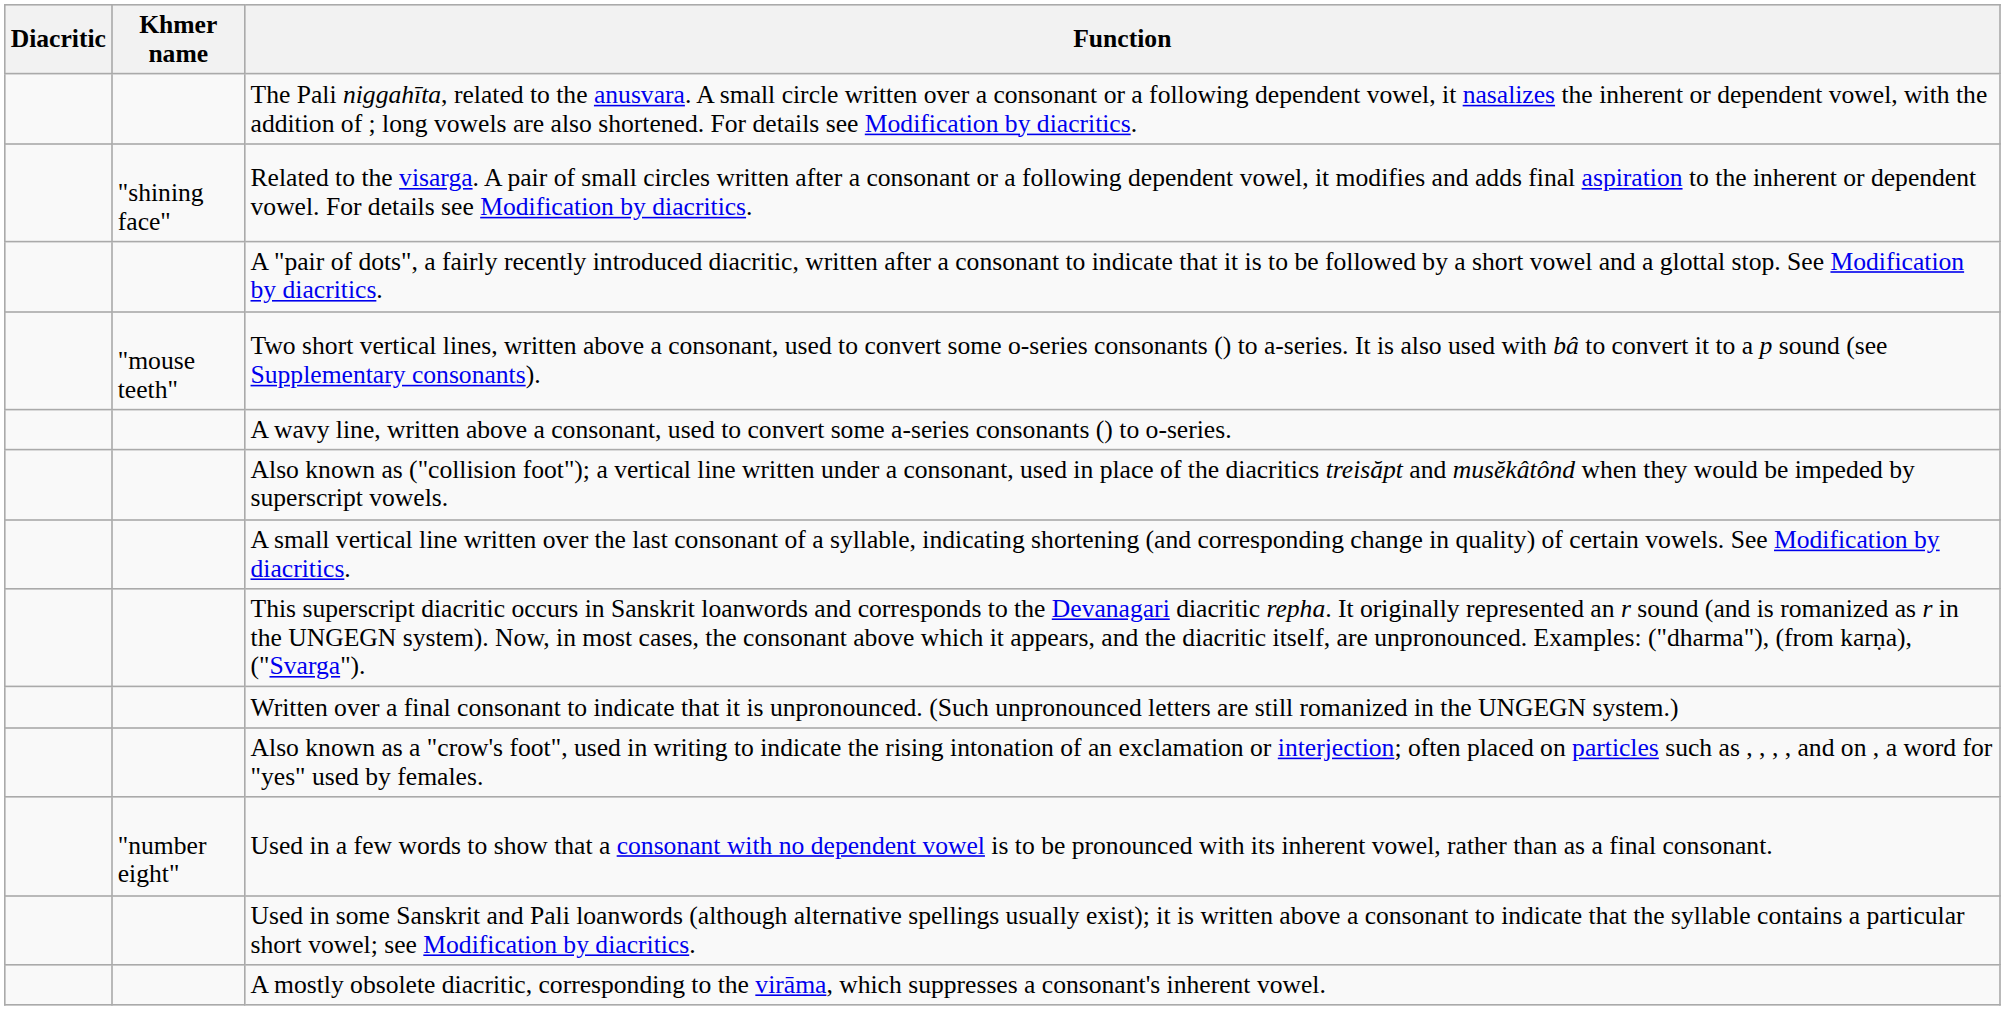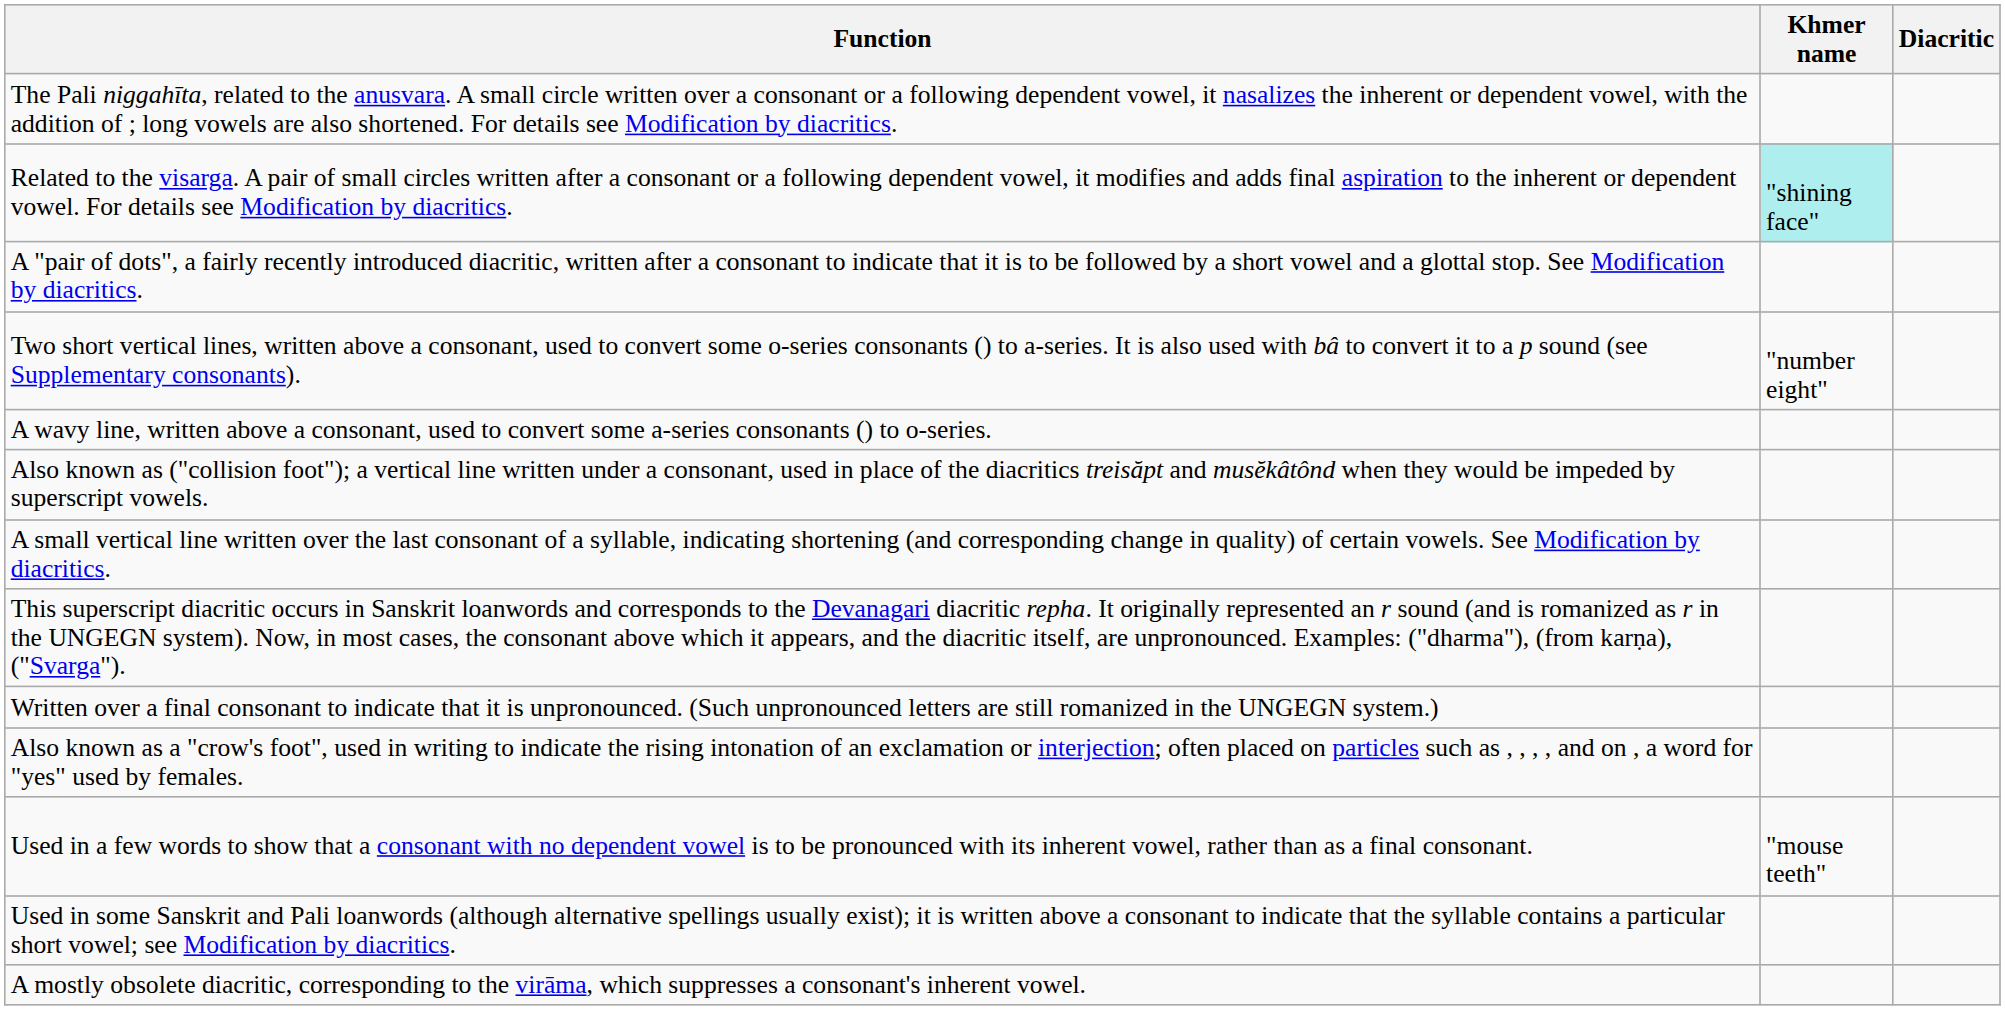 <table class="wikitable">
 <tr>
+<th>Function</th>
+<th>Khmer name</th>
 <th>Diacritic</th>
-<th>Khmer name</th>
-<th>Function</th>
 </tr>
 <tr>
+<td>The Pali <em>niggahīta</em>, related to the <a href='#'>anusvara</a>. A small circle written over a consonant or a following dependent vowel, it <a href='#'>nasalizes</a> the inherent or dependent vowel, with the addition of ; long vowels are also shortened. For details see <a href='#'>Modification by diacritics</a>.</td>
+<td> <em></em></td>
 <td><big></big></td>
-<td> <em></em></td>
-<td>The Pali <em>niggahīta</em>, related to the <a href='#'>anusvara</a>. A small circle written over a consonant or a following dependent vowel, it <a href='#'>nasalizes</a> the inherent or dependent vowel, with the addition of ; long vowels are also shortened. For details see <a href='#'>Modification by diacritics</a>.</td>
 </tr>
 <tr>
+<td>Related to the <a href='#'>visarga</a>. A pair of small circles written after a consonant or a following dependent vowel, it modifies and adds final <a href='#'>aspiration</a>  to the inherent or dependent vowel. For details see <a href='#'>Modification by diacritics</a>.</td>
+<td style="background: paleturquoise;"> <em></em><br>"shining face"</td>
 <td><big></big></td>
-<td> <em></em><br>"shining face"</td>
-<td>Related to the <a href='#'>visarga</a>. A pair of small circles written after a consonant or a following dependent vowel, it modifies and adds final <a href='#'>aspiration</a>  to the inherent or dependent vowel. For details see <a href='#'>Modification by diacritics</a>.</td>
 </tr>
 <tr>
+<td>A "pair of dots", a fairly recently introduced diacritic, written after a consonant to indicate that it is to be followed by a short vowel and a glottal stop. See <a href='#'>Modification by diacritics</a>.</td>
+<td> <em></em></td>
 <td><big></big></td>
-<td> <em></em></td>
-<td>A "pair of dots", a fairly recently introduced diacritic, written after a consonant to indicate that it is to be followed by a short vowel and a glottal stop. See <a href='#'>Modification by diacritics</a>.</td>
 </tr>
 <tr>
+<td>Two short vertical lines, written above a consonant, used to convert some o-series consonants () to a-series. It is also used with  <em>bâ</em> to convert it to a <em>p</em> sound (see <a href='#'>Supplementary consonants</a>).</td>
+<td> <em></em><br>"number eight"</td>
 <td><big></big></td>
-<td> <em></em><br>"mouse teeth"</td>
-<td>Two short vertical lines, written above a consonant, used to convert some o-series consonants () to a-series. It is also used with  <em>bâ</em> to convert it to a <em>p</em> sound (see <a href='#'>Supplementary consonants</a>).</td>
 </tr>
 <tr>
+<td>A wavy line, written above a consonant, used to convert some a-series consonants () to o-series.</td>
+<td> <em></em></td>
 <td><big></big></td>
-<td> <em></em></td>
-<td>A wavy line, written above a consonant, used to convert some a-series consonants () to o-series.</td>
 </tr>
 <tr>
+<td>Also known as  <em></em> ("collision foot"); a vertical line written under a consonant, used in place of the diacritics <em>treisăpt</em> and <em>musĕkâtônd</em> when they would be impeded by superscript vowels.</td>
+<td> <em></em></td>
 <td><big></big></td>
-<td> <em></em></td>
-<td>Also known as  <em></em> ("collision foot"); a vertical line written under a consonant, used in place of the diacritics <em>treisăpt</em> and <em>musĕkâtônd</em> when they would be impeded by superscript vowels.</td>
 </tr>
 <tr>
+<td>A small vertical line written over the last consonant of a syllable, indicating shortening (and corresponding change in quality) of certain vowels. See <a href='#'>Modification by diacritics</a>.</td>
+<td> <em></em></td>
 <td><big></big></td>
-<td> <em></em></td>
-<td>A small vertical line written over the last consonant of a syllable, indicating shortening (and corresponding change in quality) of certain vowels. See <a href='#'>Modification by diacritics</a>.</td>
 </tr>
 <tr>
+<td>This superscript diacritic occurs in Sanskrit loanwords and corresponds to the <a href='#'>Devanagari</a> diacritic <em>repha</em>. It originally represented an <em>r</em> sound (and is romanized as <em>r</em> in the UNGEGN system). Now, in most cases, the consonant above which it appears, and the diacritic itself, are unpronounced. Examples:    ("dharma"),    (from karṇa),    ("<a href='#'>Svarga</a>").</td>
+<td> <em></em><br> <em></em></td>
 <td><big></big></td>
-<td> <em></em><br> <em></em></td>
-<td>This superscript diacritic occurs in Sanskrit loanwords and corresponds to the <a href='#'>Devanagari</a> diacritic <em>repha</em>. It originally represented an <em>r</em> sound (and is romanized as <em>r</em> in the UNGEGN system). Now, in most cases, the consonant above which it appears, and the diacritic itself, are unpronounced. Examples:    ("dharma"),    (from karṇa),    ("<a href='#'>Svarga</a>").</td>
 </tr>
 <tr>
+<td>Written over a final consonant to indicate that it is unpronounced. (Such unpronounced letters are still romanized in the UNGEGN system.)</td>
+<td> <em></em></td>
 <td><big></big></td>
-<td> <em></em></td>
-<td>Written over a final consonant to indicate that it is unpronounced. (Such unpronounced letters are still romanized in the UNGEGN system.)</td>
 </tr>
 <tr>
+<td>Also known as a "crow's foot", used in writing to indicate the rising intonation of an exclamation or <a href='#'>interjection</a>; often placed on <a href='#'>particles</a> such as , , , , and on  , a word for "yes" used by females.</td>
+<td> <em></em></td>
 <td><big></big></td>
-<td> <em></em></td>
-<td>Also known as a "crow's foot", used in writing to indicate the rising intonation of an exclamation or <a href='#'>interjection</a>; often placed on <a href='#'>particles</a> such as , , , , and on  , a word for "yes" used by females.</td>
 </tr>
 <tr>
+<td>Used in a few words to show that a <a href='#'>consonant with no dependent vowel</a> is to be pronounced with its inherent vowel, rather than as a final consonant.</td>
+<td> <em></em><br>"mouse teeth"</td>
 <td><big></big></td>
-<td> <em></em><br>"number eight"</td>
-<td>Used in a few words to show that a <a href='#'>consonant with no dependent vowel</a> is to be pronounced with its inherent vowel, rather than as a final consonant.</td>
 </tr>
 <tr>
+<td>Used in some Sanskrit and Pali loanwords (although alternative spellings usually exist); it is written above a consonant to indicate that the syllable contains a particular short vowel; see <a href='#'>Modification by diacritics</a>.</td>
+<td> <em></em></td>
 <td><big></big></td>
-<td> <em></em></td>
-<td>Used in some Sanskrit and Pali loanwords (although alternative spellings usually exist); it is written above a consonant to indicate that the syllable contains a particular short vowel; see <a href='#'>Modification by diacritics</a>.</td>
 </tr>
 <tr>
+<td>A mostly obsolete diacritic, corresponding to the <a href='#'>virāma</a>, which suppresses a consonant's inherent vowel.</td>
+<td> <em></em></td>
 <td><big></big></td>
-<td> <em></em></td>
-<td>A mostly obsolete diacritic, corresponding to the <a href='#'>virāma</a>, which suppresses a consonant's inherent vowel.</td>
 </tr>
 </table>
